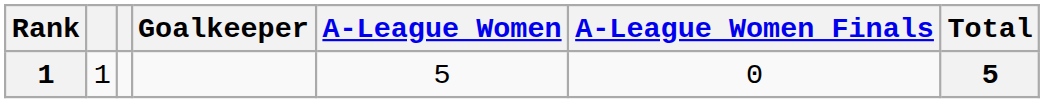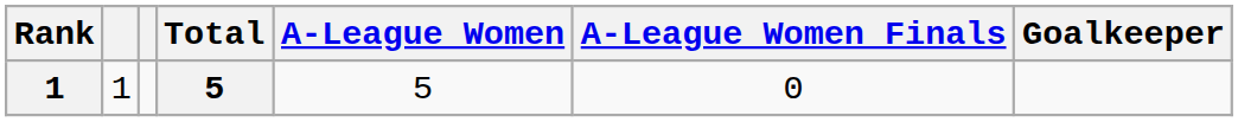 <table class="wikitable" style="text-align:center">
 <tr>
 <th>Rank</th>
 <th></th>
 <th></th>
-<th>Goalkeeper</th>
+<th>Total</th>
 <th><a href='#'>A-League Women</a></th>
 <th><a href='#'>A-League Women Finals</a></th>
-<th>Total</th>
+<th>Goalkeeper</th>
 </tr>
 <tr>
 <th>1</th>
 <td>1</td>
 <td></td>
-<td align="left"></td>
+<th>5</th>
 <td>5</td>
 <td>0</td>
-<th>5</th>
+<td align="left"></td>
 </tr>
 </table>
